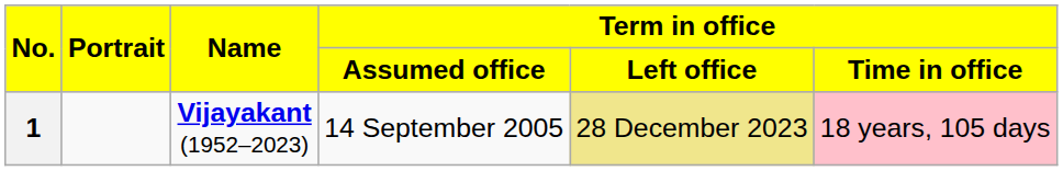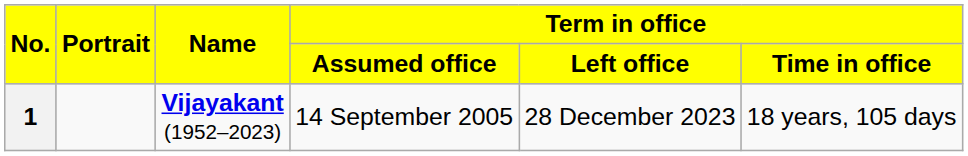 <table class="wikitable sortable" style="text-align:center;">
 <tr>
 <th rowspan=2 style="background-color:#FFFF00;color:black">No.</th>
 <th rowspan=2 style="background-color:#FFFF00;color:black">Portrait</th>
 <th rowspan=2 style="background-color:#FFFF00;color:black">Name<br></th>
 <th colspan=3 style="background-color:#FFFF00;color:black">Term in office</th>
 </tr>
 <tr>
 <th style="background-color:#FFFF00;color:black">Assumed office</th>
 <th style="background-color:#FFFF00;color:black">Left office</th>
 <th style="background-color:#FFFF00;color:black">Time in office</th>
 </tr>
 <tr>
 <th>1</th>
 <td></td>
 <td><strong><a href='#'>Vijayakant</a></strong><br><small>(1952–2023)</small></td>
 <td>14 September 2005</td>
-<td style="background: khaki;">28 December 2023</td>
-<td style="background: pink;">18 years, 105 days</td>
+<td>28 December 2023</td>
+<td>18 years, 105 days</td>
 </tr>
 </table>
